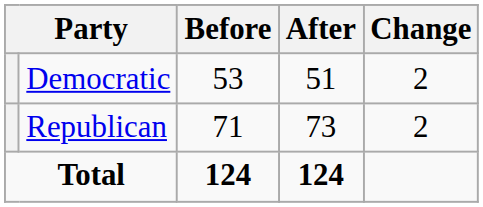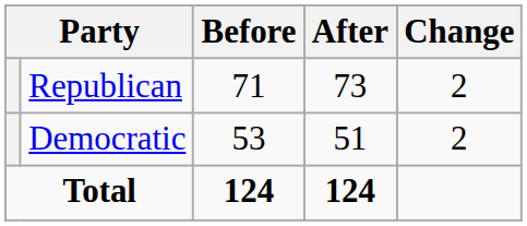 <table class="wikitable" style="text-align:center;">
 <tr>
 <th colspan="2">Party</th>
 <th>Before</th>
 <th>After</th>
 <th>Change</th>
 </tr>
 <tr>
 <th style="background-color:"></th>
-<td style="text-align:left;"><a href='#'>Democratic</a></td>
-<td>53</td>
-<td>51</td>
+<td style="text-align:left;"><a href='#'>Republican</a></td>
+<td>71</td>
+<td>73</td>
 <td> 2</td>
 </tr>
 <tr>
 <th style="background-color:"></th>
-<td style="text-align:left;"><a href='#'>Republican</a></td>
-<td>71</td>
-<td>73</td>
+<td style="text-align:left;"><a href='#'>Democratic</a></td>
+<td>53</td>
+<td>51</td>
 <td> 2</td>
 </tr>
 <tr>
 <td colspan="2"><strong>Total</strong></td>
 <td><strong>124</strong></td>
 <td><strong>124</strong></td>
 <td></td>
 </tr>
 </table>
